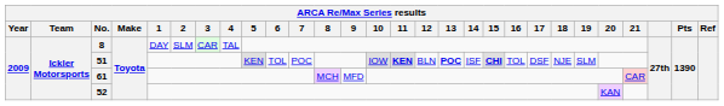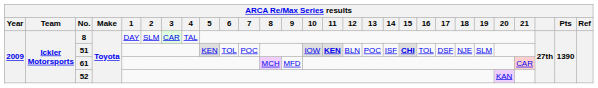 <table class="wikitable" style="text-align:center; font-size:75%">
 <tr>
 <th colspan=28><a href='#'>ARCA Re/Max Series</a> results</th>
 </tr>
 <tr>
 <th>Year</th>
 <th>Team</th>
 <th>No.</th>
 <th>Make</th>
 <th>1</th>
 <th>2</th>
 <th>3</th>
 <th>4</th>
 <th>5</th>
 <th>6</th>
 <th>7</th>
 <th>8</th>
 <th>9</th>
 <th>10</th>
 <th>11</th>
 <th>12</th>
 <th>13</th>
 <th>14</th>
 <th>15</th>
 <th>16</th>
 <th>17</th>
 <th>18</th>
 <th>19</th>
 <th>20</th>
 <th>21</th>
 <th></th>
 <th>Pts</th>
 <th>Ref</th>
 </tr>
 <tr>
 <th rowspan=4><a href='#'>2009</a></th>
 <th rowspan=4><a href='#'>Ickler Motorsports</a></th>
 <th>8</th>
 <th rowspan=4><a href='#'>Toyota</a></th>
 <td><a href='#'>DAY</a></td>
 <td><a href='#'>SLM</a></td>
 <td style="background:#DFFFDF;"><a href='#'>CAR</a> <br></td>
 <td><a href='#'>TAL</a></td>
 <td colspan=17></td>
 <th rowspan=4>27th</th>
 <th rowspan=4>1390</th>
 <th rowspan=4></th>
 </tr>
 <tr>
 <th>51</th>
 <td colspan=4></td>
 <td style="background:#DFDFDF;"><a href='#'>KEN</a> <br></td>
 <td><a href='#'>TOL</a></td>
 <td><a href='#'>POC</a></td>
 <td colspan=2></td>
 <td style="background:#DFDFDF;"><a href='#'>IOW</a> <br></td>
 <td style="background:#DFDFDF;"><strong><a href='#'>KEN</a></strong> <br></td>
 <td><a href='#'>BLN</a></td>
-<td><strong><a href='#'>POC</a></strong></td>
+<td><a href='#'>POC</a></td>
 <td><a href='#'>ISF</a></td>
 <td style="background:#DFDFDF;"><strong><a href='#'>CHI</a></strong> <br></td>
 <td><a href='#'>TOL</a></td>
 <td><a href='#'>DSF</a></td>
 <td><a href='#'>NJE</a></td>
 <td><a href='#'>SLM</a></td>
 <td colspan=2></td>
 </tr>
 <tr>
 <th>61</th>
 <td colspan=7></td>
 <td style="background:#EFCFFF;"><a href='#'>MCH</a> <br></td>
 <td><a href='#'>MFD</a></td>
 <td colspan=11></td>
 <td style="background:#FFCFCF;"><a href='#'>CAR</a> <br></td>
 </tr>
 <tr>
 <th>52</th>
 <td colspan=19></td>
 <td style="background:#EFCFFF;"><a href='#'>KAN</a> <br></td>
 <td></td>
 </tr>
 </table>
